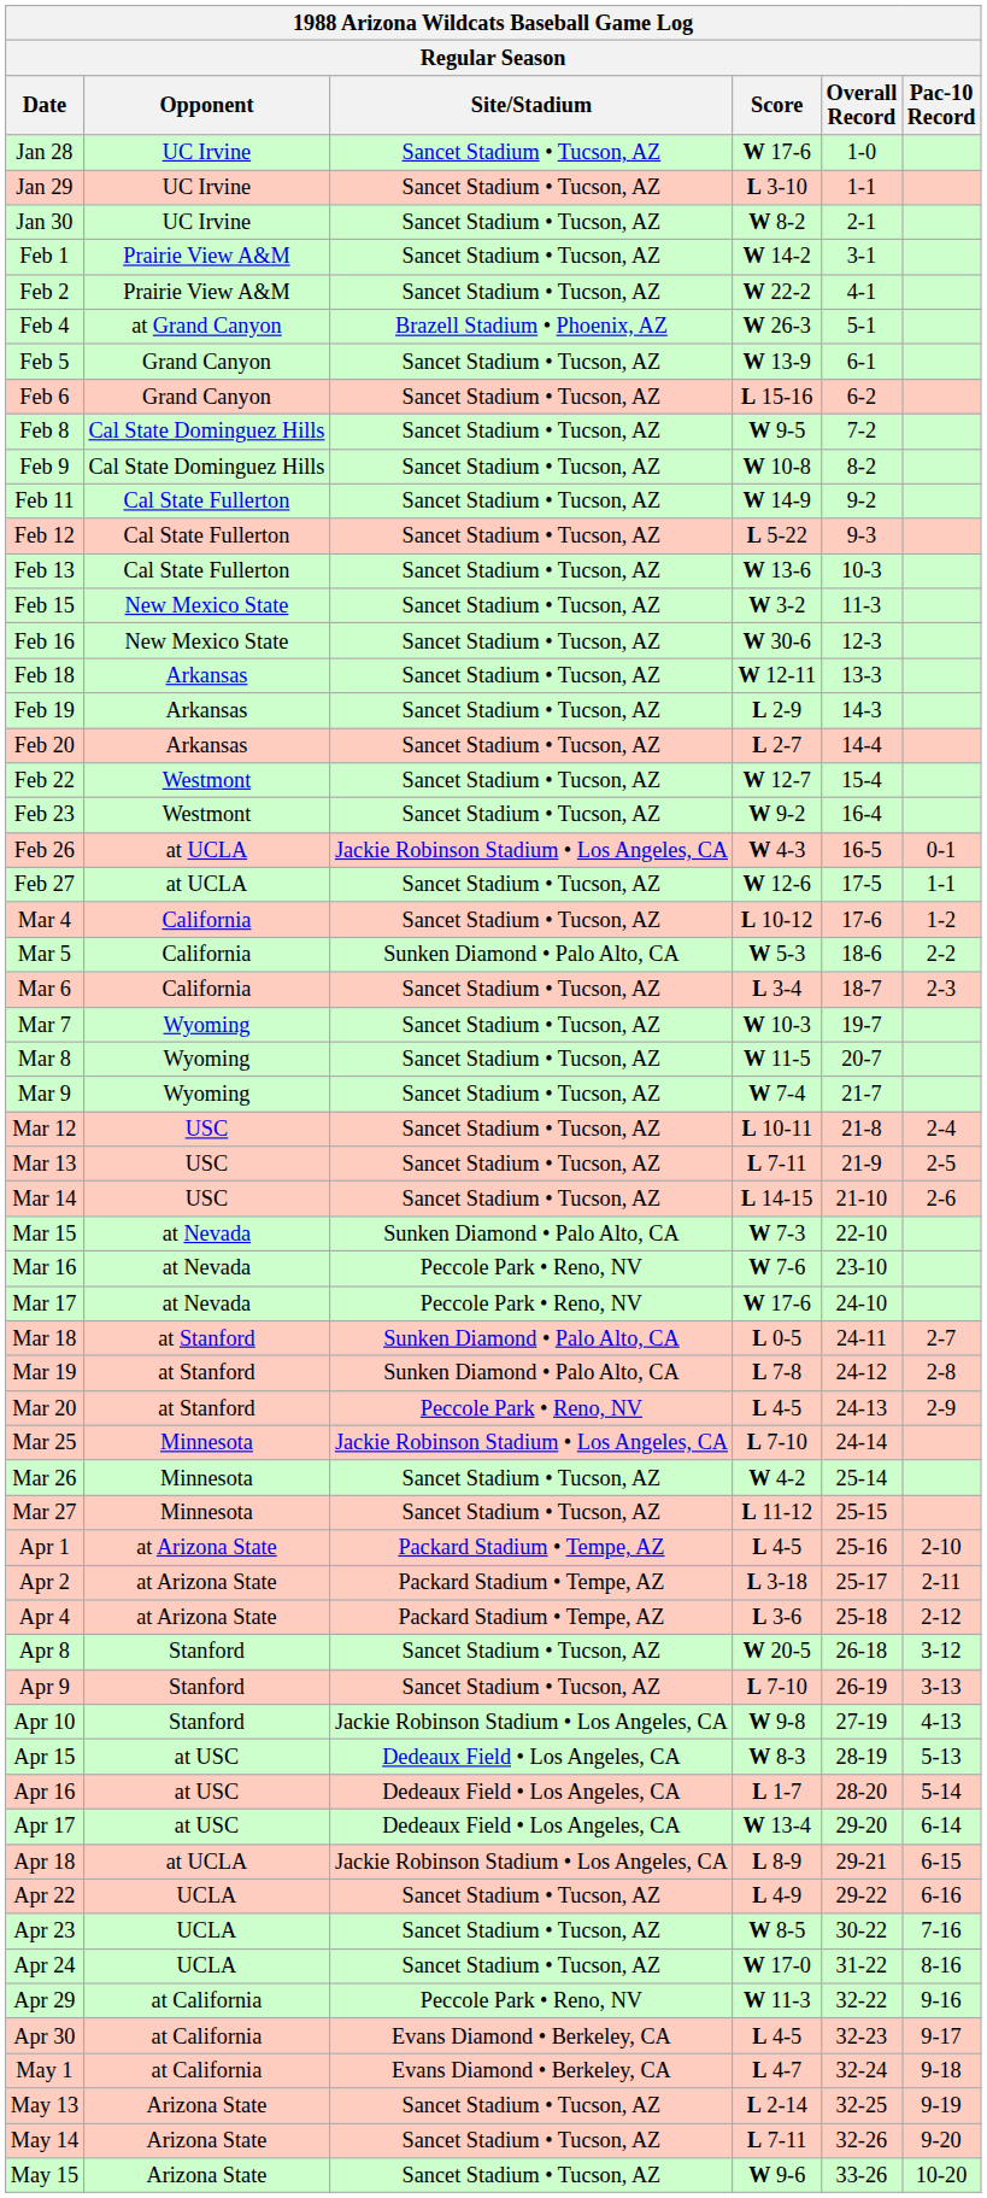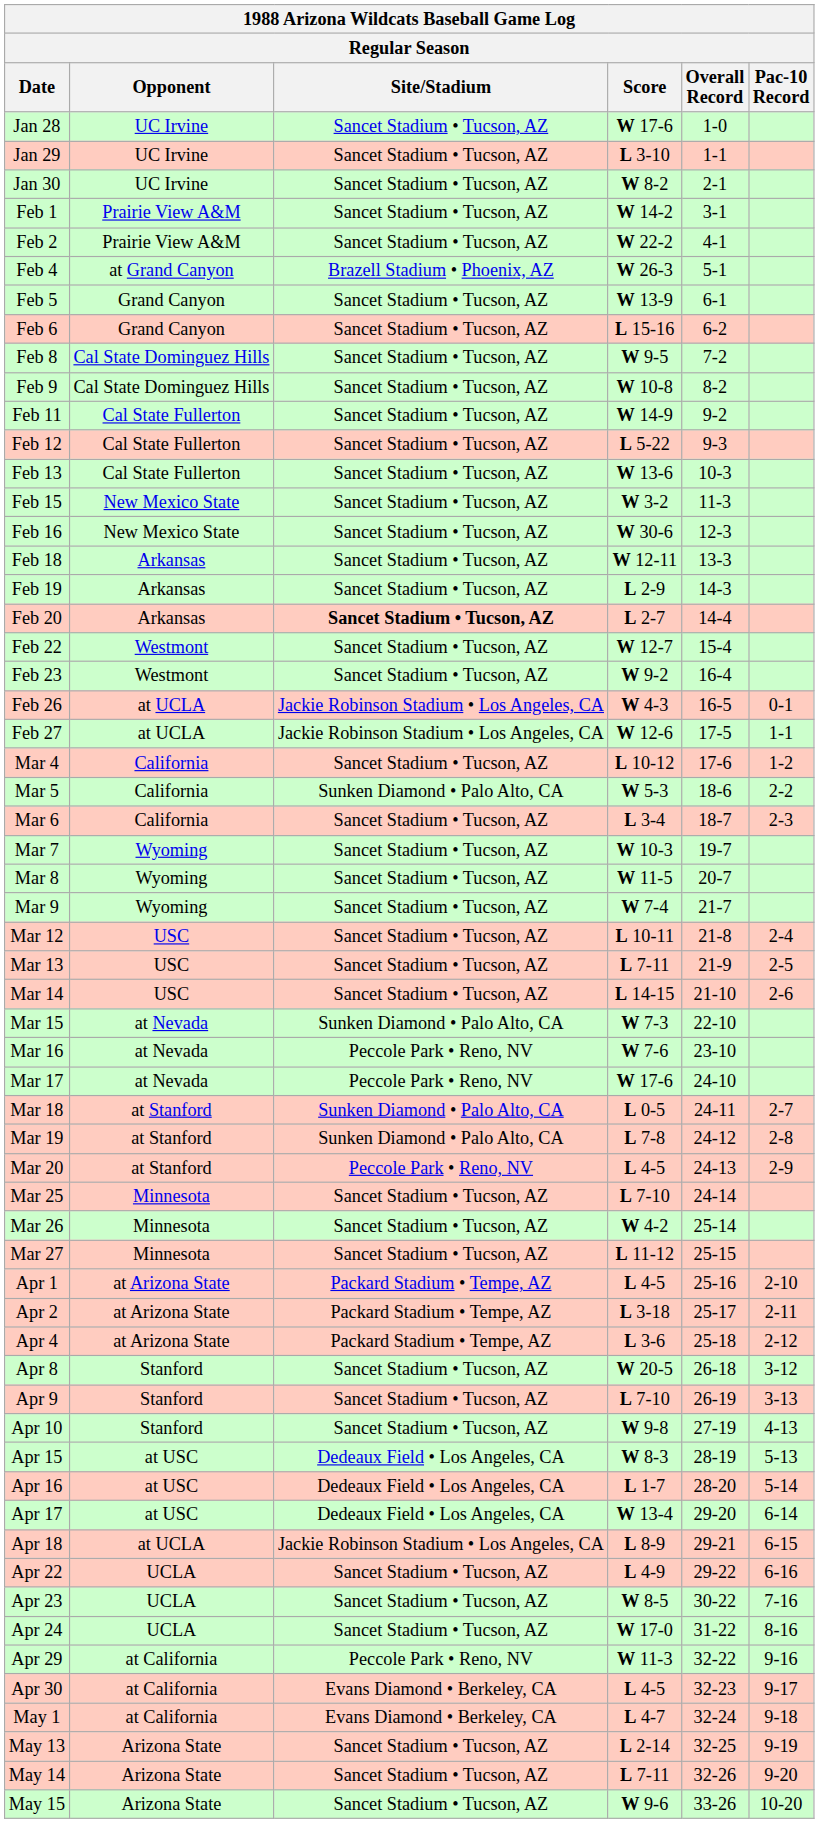 <table class="wikitable">
 <tr>
 <th colspan="6">1988 Arizona Wildcats Baseball Game Log</th>
 </tr>
 <tr>
 <th colspan="6">Regular Season</th>
 </tr>
 <tr>
 <th>Date</th>
 <th>Opponent</th>
 <th>Site/Stadium</th>
 <th>Score</th>
 <th>Overall<br>Record</th>
 <th>Pac-10<br>Record</th>
 </tr>
 <tr bgcolor="ccffcc" align="center">
 <td>Jan 28</td>
 <td><a href='#'>UC Irvine</a></td>
 <td><a href='#'>Sancet Stadium</a> • <a href='#'>Tucson, AZ</a></td>
 <td><strong>W</strong> 17-6</td>
 <td>1-0</td>
 <td></td>
 </tr>
 <tr bgcolor="ffccc" align="center">
 <td>Jan 29</td>
 <td>UC Irvine</td>
 <td>Sancet Stadium • Tucson, AZ</td>
 <td><strong>L</strong> 3-10</td>
 <td>1-1</td>
 <td></td>
 </tr>
 <tr bgcolor="ccffcc" align="center">
 <td>Jan 30</td>
 <td>UC Irvine</td>
 <td>Sancet Stadium • Tucson, AZ</td>
 <td><strong>W</strong> 8-2</td>
 <td>2-1</td>
 <td></td>
 </tr>
 <tr bgcolor="ccffcc" align="center">
 <td>Feb 1</td>
 <td><a href='#'>Prairie View A&M</a></td>
 <td>Sancet Stadium • Tucson, AZ</td>
 <td><strong>W</strong> 14-2</td>
 <td>3-1</td>
 <td></td>
 </tr>
 <tr bgcolor="ccffcc" align="center">
 <td>Feb 2</td>
 <td>Prairie View A&M</td>
 <td>Sancet Stadium • Tucson, AZ</td>
 <td><strong>W</strong> 22-2</td>
 <td>4-1</td>
 <td></td>
 </tr>
 <tr bgcolor="ccffcc" align="center">
 <td>Feb 4</td>
 <td>at <a href='#'>Grand Canyon</a></td>
 <td><a href='#'>Brazell Stadium</a> • <a href='#'>Phoenix, AZ</a></td>
 <td><strong>W</strong> 26-3</td>
 <td>5-1</td>
 <td></td>
 </tr>
 <tr bgcolor="ccffcc" align="center">
 <td>Feb 5</td>
 <td>Grand Canyon</td>
 <td>Sancet Stadium • Tucson, AZ</td>
 <td><strong>W</strong> 13-9</td>
 <td>6-1</td>
 <td></td>
 </tr>
 <tr bgcolor="ffccc" align="center">
 <td>Feb 6</td>
 <td>Grand Canyon</td>
 <td>Sancet Stadium • Tucson, AZ</td>
 <td><strong>L</strong> 15-16</td>
 <td>6-2</td>
 <td></td>
 </tr>
 <tr bgcolor="ccffcc" align="center">
 <td>Feb 8</td>
 <td><a href='#'>Cal State Dominguez Hills</a></td>
 <td>Sancet Stadium • Tucson, AZ</td>
 <td><strong>W</strong> 9-5</td>
 <td>7-2</td>
 <td></td>
 </tr>
 <tr bgcolor="ccffcc" align="center">
 <td>Feb 9</td>
 <td>Cal State Dominguez Hills</td>
 <td>Sancet Stadium • Tucson, AZ</td>
 <td><strong>W</strong> 10-8</td>
 <td>8-2</td>
 <td></td>
 </tr>
 <tr bgcolor="ccffcc" align="center">
 <td>Feb 11</td>
 <td><a href='#'>Cal State Fullerton</a></td>
 <td>Sancet Stadium • Tucson, AZ</td>
 <td><strong>W</strong> 14-9</td>
 <td>9-2</td>
 <td></td>
 </tr>
 <tr bgcolor="ffccc" align="center">
 <td>Feb 12</td>
 <td>Cal State Fullerton</td>
 <td>Sancet Stadium • Tucson, AZ</td>
 <td><strong>L</strong> 5-22</td>
 <td>9-3</td>
 <td></td>
 </tr>
 <tr bgcolor="ccffcc" align="center">
 <td>Feb 13</td>
 <td>Cal State Fullerton</td>
 <td>Sancet Stadium • Tucson, AZ</td>
 <td><strong>W</strong> 13-6</td>
 <td>10-3</td>
 <td></td>
 </tr>
 <tr bgcolor="ccffcc" align="center">
 <td>Feb 15</td>
 <td><a href='#'>New Mexico State</a></td>
 <td>Sancet Stadium • Tucson, AZ</td>
 <td><strong>W</strong> 3-2</td>
 <td>11-3</td>
 <td></td>
 </tr>
 <tr bgcolor="ccffcc" align="center">
 <td>Feb 16</td>
 <td>New Mexico State</td>
 <td>Sancet Stadium • Tucson, AZ</td>
 <td><strong>W</strong> 30-6</td>
 <td>12-3</td>
 <td></td>
 </tr>
 <tr bgcolor="ccffcc" align="center">
 <td>Feb 18</td>
 <td><a href='#'>Arkansas</a></td>
 <td>Sancet Stadium • Tucson, AZ</td>
 <td><strong>W</strong> 12-11</td>
 <td>13-3</td>
 <td></td>
 </tr>
 <tr bgcolor="ccffcc" align="center">
 <td>Feb 19</td>
 <td>Arkansas</td>
 <td>Sancet Stadium • Tucson, AZ</td>
 <td><strong>L</strong> 2-9</td>
 <td>14-3</td>
 <td></td>
 </tr>
 <tr bgcolor="ffccc" align="center">
 <td>Feb 20</td>
 <td>Arkansas</td>
-<td>Sancet Stadium • Tucson, AZ</td>
+<td><strong>Sancet Stadium • Tucson, AZ</strong></td>
 <td><strong>L</strong> 2-7</td>
 <td>14-4</td>
 <td></td>
 </tr>
 <tr bgcolor="ccffcc" align="center">
 <td>Feb 22</td>
 <td><a href='#'>Westmont</a></td>
 <td>Sancet Stadium • Tucson, AZ</td>
 <td><strong>W</strong> 12-7</td>
 <td>15-4</td>
 <td></td>
 </tr>
 <tr bgcolor="ccffcc" align="center">
 <td>Feb 23</td>
 <td>Westmont</td>
 <td>Sancet Stadium • Tucson, AZ</td>
 <td><strong>W</strong> 9-2</td>
 <td>16-4</td>
 <td></td>
 </tr>
 <tr bgcolor="ffccc" align="center">
 <td>Feb 26</td>
 <td>at <a href='#'>UCLA</a></td>
 <td><a href='#'>Jackie Robinson Stadium</a> • <a href='#'>Los Angeles, CA</a></td>
 <td><strong>W</strong> 4-3</td>
 <td>16-5</td>
 <td>0-1</td>
 </tr>
 <tr bgcolor="ccffcc" align="center">
 <td>Feb 27</td>
 <td>at UCLA</td>
-<td>Sancet Stadium • Tucson, AZ</td>
+<td>Jackie Robinson Stadium • Los Angeles, CA</td>
 <td><strong>W</strong> 12-6</td>
 <td>17-5</td>
 <td>1-1</td>
 </tr>
 <tr bgcolor="ffccc" align="center">
 <td>Mar 4</td>
 <td><a href='#'>California</a></td>
 <td>Sancet Stadium • Tucson, AZ</td>
 <td><strong>L</strong> 10-12</td>
 <td>17-6</td>
 <td>1-2</td>
 </tr>
 <tr bgcolor="ccffcc" align="center">
 <td>Mar 5</td>
 <td>California</td>
 <td>Sunken Diamond • Palo Alto, CA</td>
 <td><strong>W</strong> 5-3</td>
 <td>18-6</td>
 <td>2-2</td>
 </tr>
 <tr bgcolor="ffccc" align="center">
 <td>Mar 6</td>
 <td>California</td>
 <td>Sancet Stadium • Tucson, AZ</td>
 <td><strong>L</strong> 3-4</td>
 <td>18-7</td>
 <td>2-3</td>
 </tr>
 <tr bgcolor="ccffcc" align="center">
 <td>Mar 7</td>
 <td><a href='#'>Wyoming</a></td>
 <td>Sancet Stadium • Tucson, AZ</td>
 <td><strong>W</strong> 10-3</td>
 <td>19-7</td>
 <td></td>
 </tr>
 <tr bgcolor="ccffcc" align="center">
 <td>Mar 8</td>
 <td>Wyoming</td>
 <td>Sancet Stadium • Tucson, AZ</td>
 <td><strong>W</strong> 11-5</td>
 <td>20-7</td>
 <td></td>
 </tr>
 <tr bgcolor="ccffcc" align="center">
 <td>Mar 9</td>
 <td>Wyoming</td>
 <td>Sancet Stadium • Tucson, AZ</td>
 <td><strong>W</strong> 7-4</td>
 <td>21-7</td>
 <td></td>
 </tr>
 <tr bgcolor="ffccc" align="center">
 <td>Mar 12</td>
 <td><a href='#'>USC</a></td>
 <td>Sancet Stadium • Tucson, AZ</td>
 <td><strong>L</strong> 10-11</td>
 <td>21-8</td>
 <td>2-4</td>
 </tr>
 <tr bgcolor="ffccc" align="center">
 <td>Mar 13</td>
 <td>USC</td>
 <td>Sancet Stadium • Tucson, AZ</td>
 <td><strong>L</strong> 7-11</td>
 <td>21-9</td>
 <td>2-5</td>
 </tr>
 <tr bgcolor="ffccc" align="center">
 <td>Mar 14</td>
 <td>USC</td>
 <td>Sancet Stadium • Tucson, AZ</td>
 <td><strong>L</strong> 14-15</td>
 <td>21-10</td>
 <td>2-6</td>
 </tr>
 <tr bgcolor="ccffcc" align="center">
 <td>Mar 15</td>
 <td>at <a href='#'>Nevada</a></td>
 <td>Sunken Diamond • Palo Alto, CA</td>
 <td><strong>W</strong> 7-3</td>
 <td>22-10</td>
 <td></td>
 </tr>
 <tr bgcolor="ccffcc" align="center">
 <td>Mar 16</td>
 <td>at Nevada</td>
 <td>Peccole Park • Reno, NV</td>
 <td><strong>W</strong> 7-6</td>
 <td>23-10</td>
 <td></td>
 </tr>
 <tr bgcolor="ccffcc" align="center">
 <td>Mar 17</td>
 <td>at Nevada</td>
 <td>Peccole Park • Reno, NV</td>
 <td><strong>W</strong> 17-6</td>
 <td>24-10</td>
 <td></td>
 </tr>
 <tr bgcolor="ffccc" align="center">
 <td>Mar 18</td>
 <td>at <a href='#'>Stanford</a></td>
 <td><a href='#'>Sunken Diamond</a> • <a href='#'>Palo Alto, CA</a></td>
 <td><strong>L</strong> 0-5</td>
 <td>24-11</td>
 <td>2-7</td>
 </tr>
 <tr bgcolor="ffccc" align="center">
 <td>Mar 19</td>
 <td>at Stanford</td>
 <td>Sunken Diamond • Palo Alto, CA</td>
 <td><strong>L</strong> 7-8</td>
 <td>24-12</td>
 <td>2-8</td>
 </tr>
 <tr bgcolor="ffccc" align="center">
 <td>Mar 20</td>
 <td>at Stanford</td>
 <td><a href='#'>Peccole Park</a> • <a href='#'>Reno, NV</a></td>
 <td><strong>L</strong> 4-5</td>
 <td>24-13</td>
 <td>2-9</td>
 </tr>
 <tr bgcolor="ffccc" align="center">
 <td>Mar 25</td>
 <td><a href='#'>Minnesota</a></td>
-<td><a href='#'>Jackie Robinson Stadium</a> • <a href='#'>Los Angeles, CA</a></td>
+<td>Sancet Stadium • Tucson, AZ</td>
 <td><strong>L</strong> 7-10</td>
 <td>24-14</td>
 <td></td>
 </tr>
 <tr bgcolor="ccffcc" align="center">
 <td>Mar 26</td>
 <td>Minnesota</td>
 <td>Sancet Stadium • Tucson, AZ</td>
 <td><strong>W</strong> 4-2</td>
 <td>25-14</td>
 <td></td>
 </tr>
 <tr bgcolor="ffccc" align="center">
 <td>Mar 27</td>
 <td>Minnesota</td>
 <td>Sancet Stadium • Tucson, AZ</td>
 <td><strong>L</strong> 11-12</td>
 <td>25-15</td>
 <td></td>
 </tr>
 <tr bgcolor="ffccc" align="center">
 <td>Apr 1</td>
 <td>at <a href='#'>Arizona State</a></td>
 <td><a href='#'>Packard Stadium</a> • <a href='#'>Tempe, AZ</a></td>
 <td><strong>L</strong> 4-5</td>
 <td>25-16</td>
 <td>2-10</td>
 </tr>
 <tr bgcolor="ffccc" align="center">
 <td>Apr 2</td>
 <td>at Arizona State</td>
 <td>Packard Stadium • Tempe, AZ</td>
 <td><strong>L</strong> 3-18</td>
 <td>25-17</td>
 <td>2-11</td>
 </tr>
 <tr bgcolor="ffccc" align="center">
 <td>Apr 4</td>
 <td>at Arizona State</td>
 <td>Packard Stadium • Tempe, AZ</td>
 <td><strong>L</strong> 3-6</td>
 <td>25-18</td>
 <td>2-12</td>
 </tr>
 <tr bgcolor="ccffcc" align="center">
 <td>Apr 8</td>
 <td>Stanford</td>
 <td>Sancet Stadium • Tucson, AZ</td>
 <td><strong>W</strong> 20-5</td>
 <td>26-18</td>
 <td>3-12</td>
 </tr>
 <tr bgcolor="ffccc" align="center">
 <td>Apr 9</td>
 <td>Stanford</td>
 <td>Sancet Stadium • Tucson, AZ</td>
 <td><strong>L</strong> 7-10</td>
 <td>26-19</td>
 <td>3-13</td>
 </tr>
 <tr bgcolor="ccffcc" align="center">
 <td>Apr 10</td>
 <td>Stanford</td>
-<td>Jackie Robinson Stadium • Los Angeles, CA</td>
+<td>Sancet Stadium • Tucson, AZ</td>
 <td><strong>W</strong> 9-8</td>
 <td>27-19</td>
 <td>4-13</td>
 </tr>
 <tr bgcolor="ccffcc" align="center">
 <td>Apr 15</td>
 <td>at USC</td>
 <td><a href='#'>Dedeaux Field</a> • Los Angeles, CA</td>
 <td><strong>W</strong> 8-3</td>
 <td>28-19</td>
 <td>5-13</td>
 </tr>
 <tr bgcolor="ffccc" align="center">
 <td>Apr 16</td>
 <td>at USC</td>
 <td>Dedeaux Field • Los Angeles, CA</td>
 <td><strong>L</strong> 1-7</td>
 <td>28-20</td>
 <td>5-14</td>
 </tr>
 <tr bgcolor="ccffcc" align="center">
 <td>Apr 17</td>
 <td>at USC</td>
 <td>Dedeaux Field • Los Angeles, CA</td>
 <td><strong>W</strong> 13-4</td>
 <td>29-20</td>
 <td>6-14</td>
 </tr>
 <tr bgcolor="ffccc" align="center">
 <td>Apr 18</td>
 <td>at UCLA</td>
 <td>Jackie Robinson Stadium • Los Angeles, CA</td>
 <td><strong>L</strong> 8-9</td>
 <td>29-21</td>
 <td>6-15</td>
 </tr>
 <tr bgcolor="ffccc" align="center">
 <td>Apr 22</td>
 <td>UCLA</td>
 <td>Sancet Stadium • Tucson, AZ</td>
 <td><strong>L</strong> 4-9</td>
 <td>29-22</td>
 <td>6-16</td>
 </tr>
 <tr bgcolor="ccffcc" align="center">
 <td>Apr 23</td>
 <td>UCLA</td>
 <td>Sancet Stadium • Tucson, AZ</td>
 <td><strong>W</strong> 8-5</td>
 <td>30-22</td>
 <td>7-16</td>
 </tr>
 <tr bgcolor="ccffcc" align="center">
 <td>Apr 24</td>
 <td>UCLA</td>
 <td>Sancet Stadium • Tucson, AZ</td>
 <td><strong>W</strong> 17-0</td>
 <td>31-22</td>
 <td>8-16</td>
 </tr>
 <tr bgcolor="ccffcc" align="center">
 <td>Apr 29</td>
 <td>at California</td>
 <td>Peccole Park • Reno, NV</td>
 <td><strong>W</strong> 11-3</td>
 <td>32-22</td>
 <td>9-16</td>
 </tr>
 <tr bgcolor="ffccc" align="center">
 <td>Apr 30</td>
 <td>at California</td>
 <td>Evans Diamond • Berkeley, CA</td>
 <td><strong>L</strong> 4-5</td>
 <td>32-23</td>
 <td>9-17</td>
 </tr>
 <tr bgcolor="ffccc" align="center">
 <td>May 1</td>
 <td>at California</td>
 <td>Evans Diamond • Berkeley, CA</td>
 <td><strong>L</strong> 4-7</td>
 <td>32-24</td>
 <td>9-18</td>
 </tr>
 <tr bgcolor="ffccc" align="center">
 <td>May 13</td>
 <td>Arizona State</td>
 <td>Sancet Stadium • Tucson, AZ</td>
 <td><strong>L</strong> 2-14</td>
 <td>32-25</td>
 <td>9-19</td>
 </tr>
 <tr bgcolor="ffccc" align="center">
 <td>May 14</td>
 <td>Arizona State</td>
 <td>Sancet Stadium • Tucson, AZ</td>
 <td><strong>L</strong> 7-11</td>
 <td>32-26</td>
 <td>9-20</td>
 </tr>
 <tr bgcolor="ccffcc" align="center">
 <td>May 15</td>
 <td>Arizona State</td>
 <td>Sancet Stadium • Tucson, AZ</td>
 <td><strong>W</strong> 9-6</td>
 <td>33-26</td>
 <td>10-20</td>
 </tr>
 </table>
